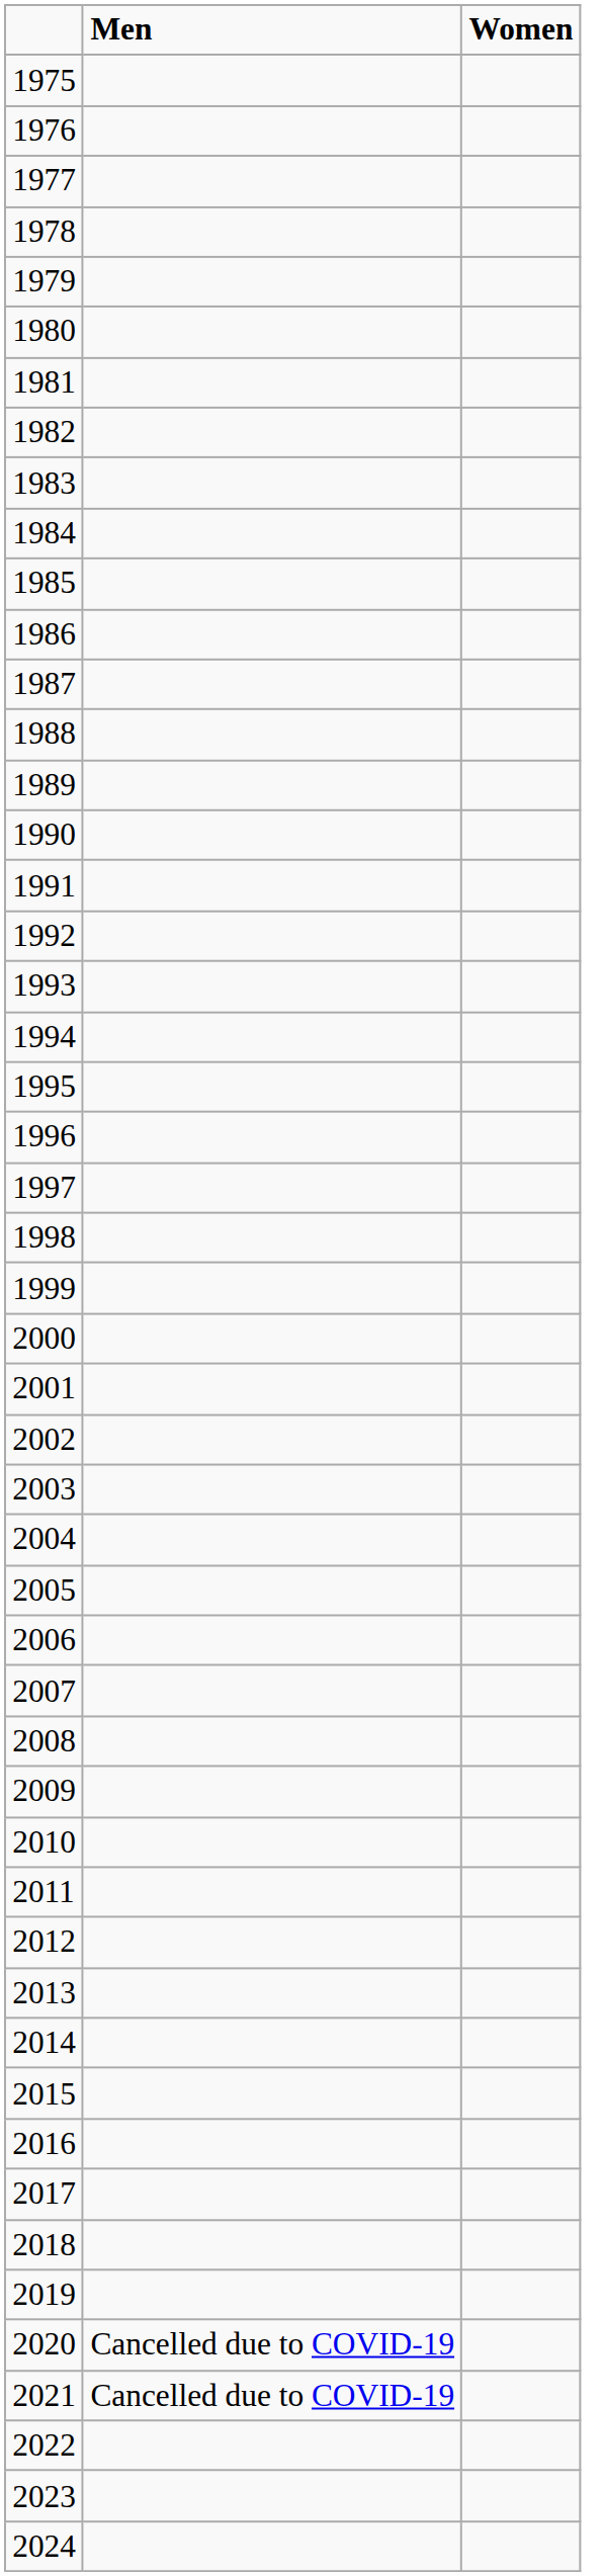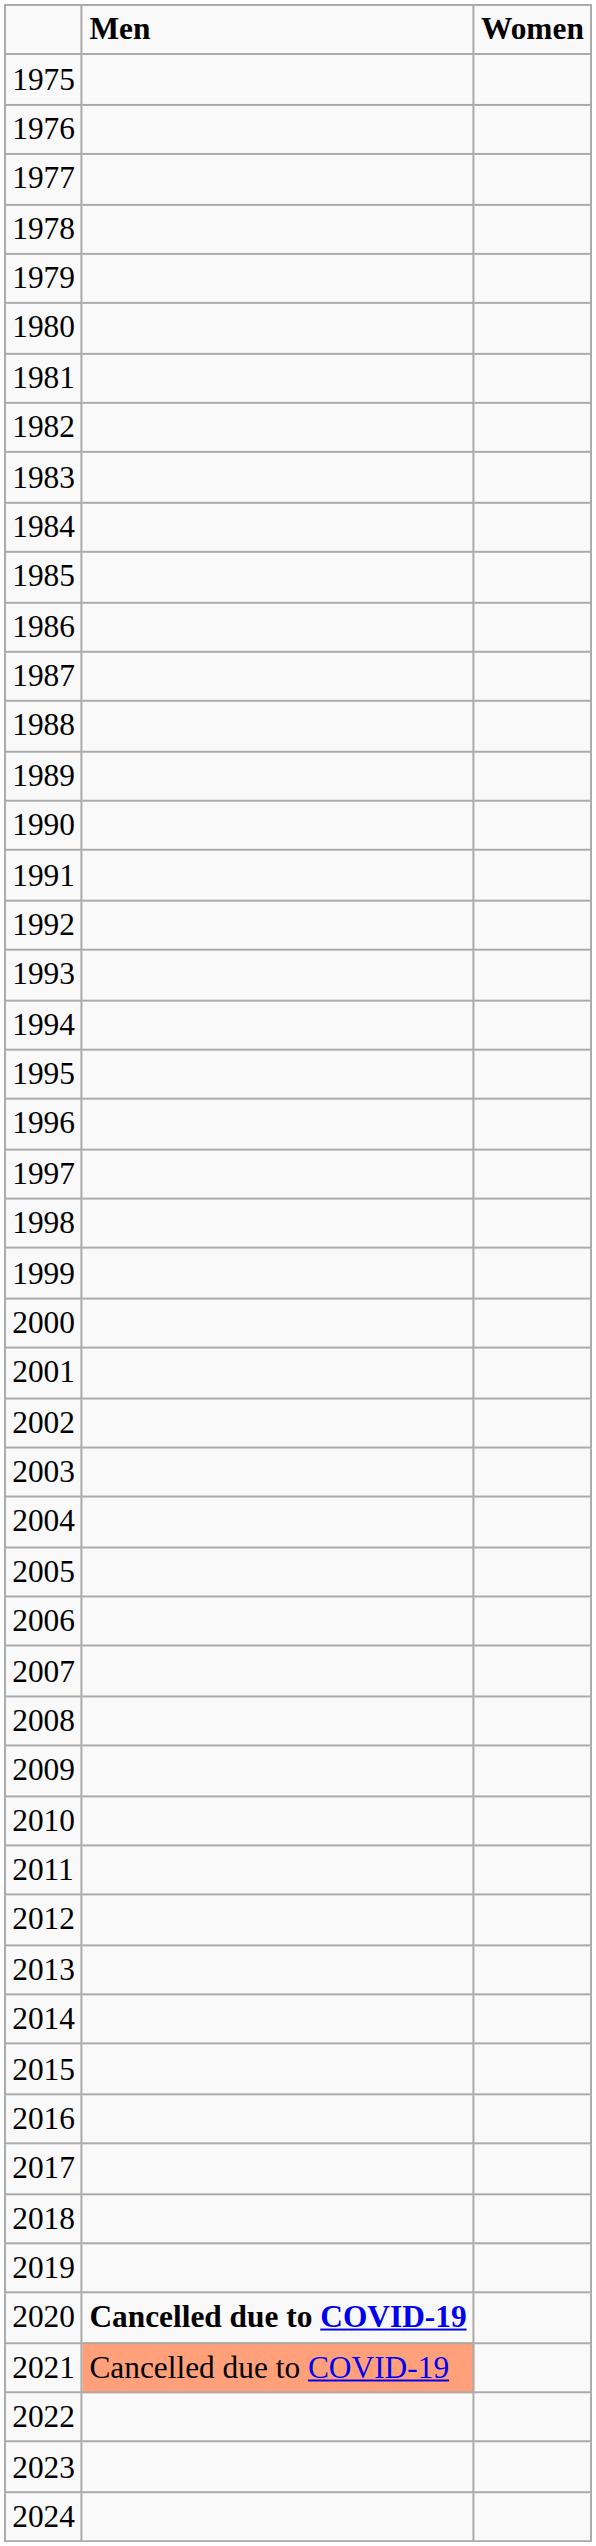 <table class="wikitable sortable">
 <tr>
 <td></td>
 <td><strong>Men</strong></td>
 <td><strong>Women</strong></td>
 </tr>
 <tr>
 <td>1975</td>
 <td align=left></td>
 <td></td>
 </tr>
 <tr>
 <td>1976</td>
 <td align=left></td>
 <td></td>
 </tr>
 <tr>
 <td>1977</td>
 <td align=left></td>
 <td></td>
 </tr>
 <tr>
 <td>1978</td>
 <td align=left></td>
 <td></td>
 </tr>
 <tr>
 <td>1979</td>
 <td align=left></td>
 <td></td>
 </tr>
 <tr>
 <td>1980</td>
 <td align=left></td>
 <td></td>
 </tr>
 <tr>
 <td>1981</td>
 <td align=left></td>
 <td></td>
 </tr>
 <tr>
 <td>1982</td>
 <td align=left></td>
 </tr>
 <tr>
 <td>1983</td>
 <td align=left></td>
 <td></td>
 </tr>
 <tr>
 <td>1984</td>
 <td align=left></td>
 <td></td>
 </tr>
 <tr>
 <td>1985</td>
 <td align=left></td>
 <td></td>
 </tr>
 <tr>
 <td>1986</td>
 <td align=left></td>
 <td></td>
 </tr>
 <tr>
 <td>1987</td>
 <td align=left></td>
 <td></td>
 </tr>
 <tr>
 <td>1988</td>
 <td align=left></td>
 <td></td>
 </tr>
 <tr>
 <td>1989</td>
 <td align=left></td>
 <td></td>
 </tr>
 <tr>
 <td>1990</td>
 <td align=left></td>
 <td></td>
 </tr>
 <tr>
 <td>1991</td>
 <td align=left></td>
 <td></td>
 </tr>
 <tr>
 <td>1992</td>
 <td align=left></td>
 <td></td>
 </tr>
 <tr>
 <td>1993</td>
 <td align=left></td>
 <td></td>
 </tr>
 <tr>
 <td>1994</td>
 <td align=left></td>
 <td></td>
 </tr>
 <tr>
 <td>1995</td>
 <td align=left></td>
 <td></td>
 </tr>
 <tr>
 <td>1996</td>
 <td align=left></td>
 <td></td>
 </tr>
 <tr>
 <td>1997</td>
 <td align=left></td>
 <td></td>
 </tr>
 <tr>
 <td>1998</td>
 <td align=left></td>
 <td></td>
 </tr>
 <tr>
 <td>1999</td>
 <td align=left></td>
 <td></td>
 </tr>
 <tr>
 <td>2000</td>
 <td align=left></td>
 <td></td>
 </tr>
 <tr>
 <td>2001</td>
 <td align=left></td>
 <td></td>
 </tr>
 <tr>
 <td>2002</td>
 <td align=left></td>
 <td></td>
 </tr>
 <tr>
 <td>2003</td>
 <td align=left></td>
 <td></td>
 </tr>
 <tr>
 <td>2004</td>
 <td align=left></td>
 <td></td>
 </tr>
 <tr>
 <td>2005</td>
 <td align=left></td>
 <td></td>
 </tr>
 <tr>
 <td>2006</td>
 <td align=left></td>
 <td></td>
 </tr>
 <tr>
 <td>2007</td>
 <td align=left></td>
 <td></td>
 </tr>
 <tr>
 <td>2008</td>
 <td align=left></td>
 <td></td>
 </tr>
 <tr>
 <td>2009</td>
 <td align=left></td>
 <td></td>
 </tr>
 <tr>
 <td>2010</td>
 <td align=left></td>
 <td></td>
 </tr>
 <tr>
 <td>2011</td>
 <td align=left></td>
 <td></td>
 </tr>
 <tr>
 <td>2012</td>
 <td align=left></td>
 <td></td>
 </tr>
 <tr>
 <td>2013</td>
 <td align=left></td>
 <td></td>
 </tr>
 <tr>
 <td>2014</td>
 <td align=left></td>
 <td></td>
 </tr>
 <tr>
 <td>2015</td>
 <td align=left></td>
 <td></td>
 </tr>
 <tr>
 <td>2016</td>
 <td align=left></td>
 <td align=left></td>
 </tr>
 <tr>
 <td>2017</td>
 <td align=left></td>
 <td align=left></td>
 </tr>
 <tr>
 <td>2018</td>
 <td align=left></td>
 <td align=left></td>
 </tr>
 <tr>
 <td>2019</td>
 <td align=left></td>
 <td align=left></td>
 </tr>
 <tr>
 <td>2020</td>
-<td>Cancelled due to <a href='#'>COVID-19</a></td>
+<td><strong>Cancelled due to <a href='#'>COVID-19</a></strong></td>
 <td></td>
 </tr>
 <tr>
 <td>2021</td>
-<td>Cancelled due to <a href='#'>COVID-19</a></td>
+<td style="background: lightsalmon;">Cancelled due to <a href='#'>COVID-19</a></td>
 <td></td>
 </tr>
 <tr>
 <td>2022</td>
 <td align=left></td>
 <td align=left></td>
 </tr>
 <tr>
 <td>2023</td>
 <td></td>
 <td></td>
 </tr>
 <tr>
 <td>2024</td>
 <td></td>
 <td></td>
 </tr>
 </table>
